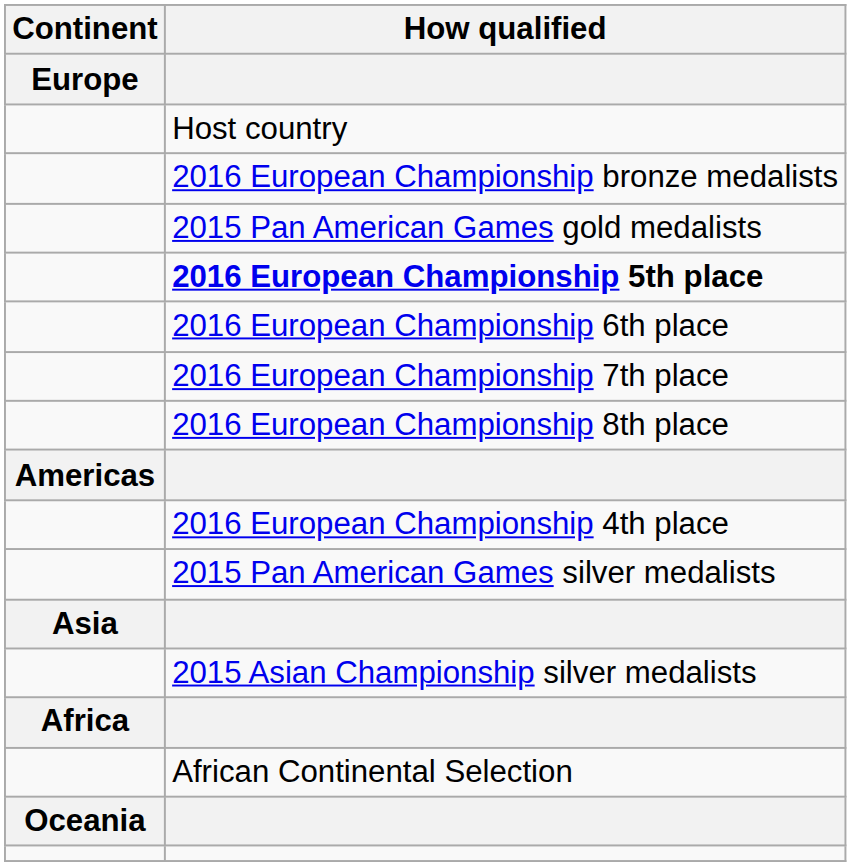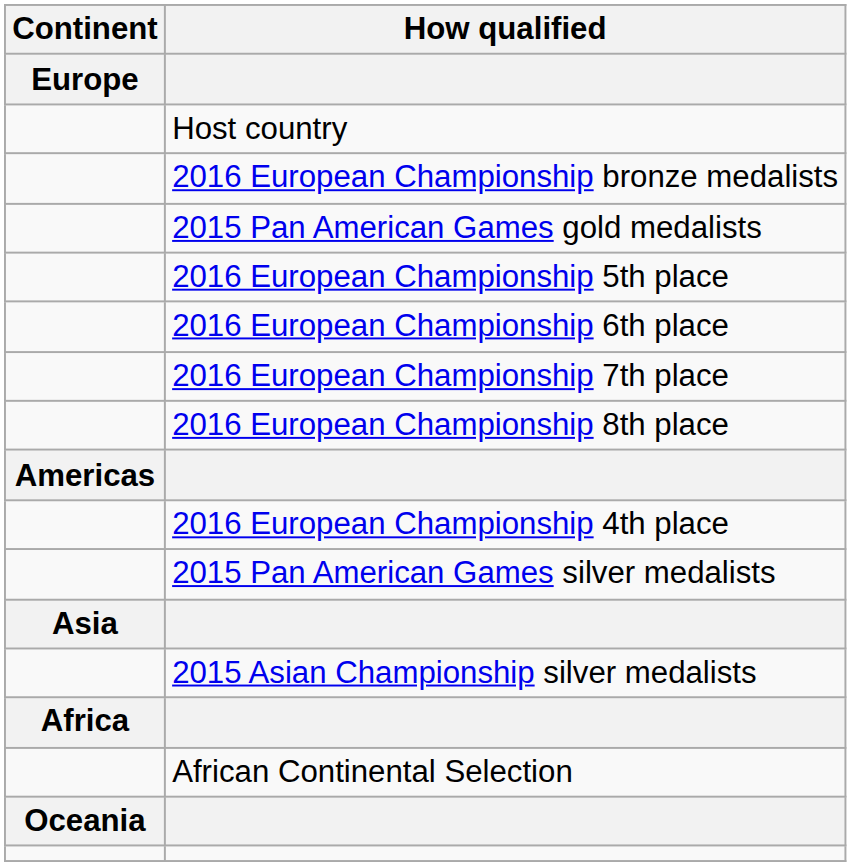 <table class="wikitable">
 <tr>
 <th>Continent</th>
 <th>How qualified</th>
 </tr>
 <tr>
 <th>Europe</th>
 <th></th>
 </tr>
 <tr>
 <td></td>
 <td>Host country</td>
 </tr>
 <tr>
 <td></td>
 <td><a href='#'>2016 European Championship</a> bronze medalists</td>
 </tr>
 <tr>
 <td></td>
 <td><a href='#'>2015 Pan American Games</a> gold medalists</td>
 </tr>
 <tr>
 <td></td>
-<td><strong><a href='#'>2016 European Championship</a> 5th place</strong></td>
+<td><a href='#'>2016 European Championship</a> 5th place</td>
 </tr>
 <tr>
 <td></td>
 <td><a href='#'>2016 European Championship</a> 6th place</td>
 </tr>
 <tr>
 <td></td>
 <td><a href='#'>2016 European Championship</a> 7th place</td>
 </tr>
 <tr>
 <td></td>
 <td><a href='#'>2016 European Championship</a> 8th place</td>
 </tr>
 <tr>
 <th>Americas</th>
 <th></th>
 </tr>
 <tr>
 <td></td>
 <td><a href='#'>2016 European Championship</a> 4th place</td>
 </tr>
 <tr>
 <td></td>
 <td><a href='#'>2015 Pan American Games</a> silver medalists</td>
 </tr>
 <tr>
 <th>Asia</th>
 <th></th>
 </tr>
 <tr>
 <td></td>
 <td><a href='#'>2015 Asian Championship</a> silver medalists</td>
 </tr>
 <tr>
 <th>Africa</th>
 <th></th>
 </tr>
 <tr>
 <td></td>
 <td>African Continental Selection</td>
 </tr>
 <tr>
 <th>Oceania</th>
 <th></th>
 </tr>
 <tr>
 <td></td>
 <td></td>
 </tr>
 </table>
